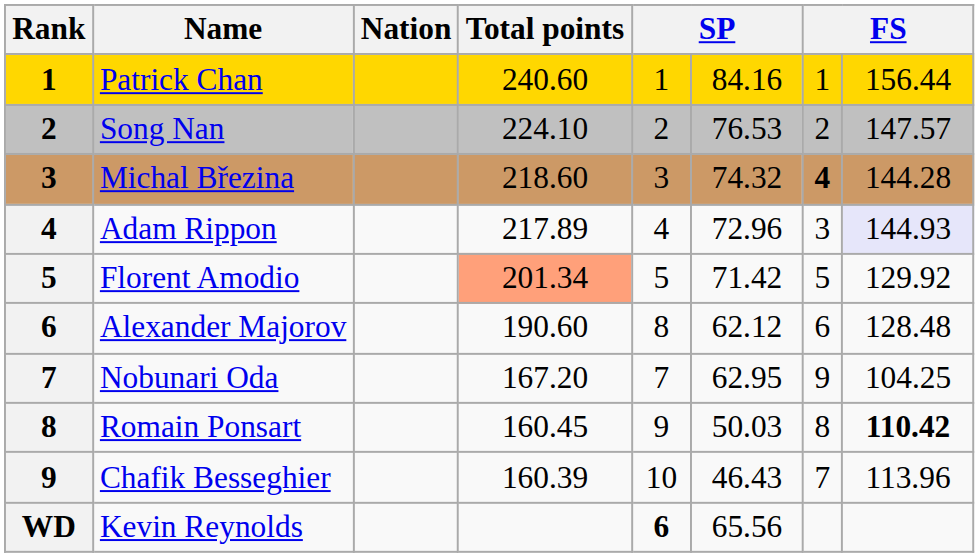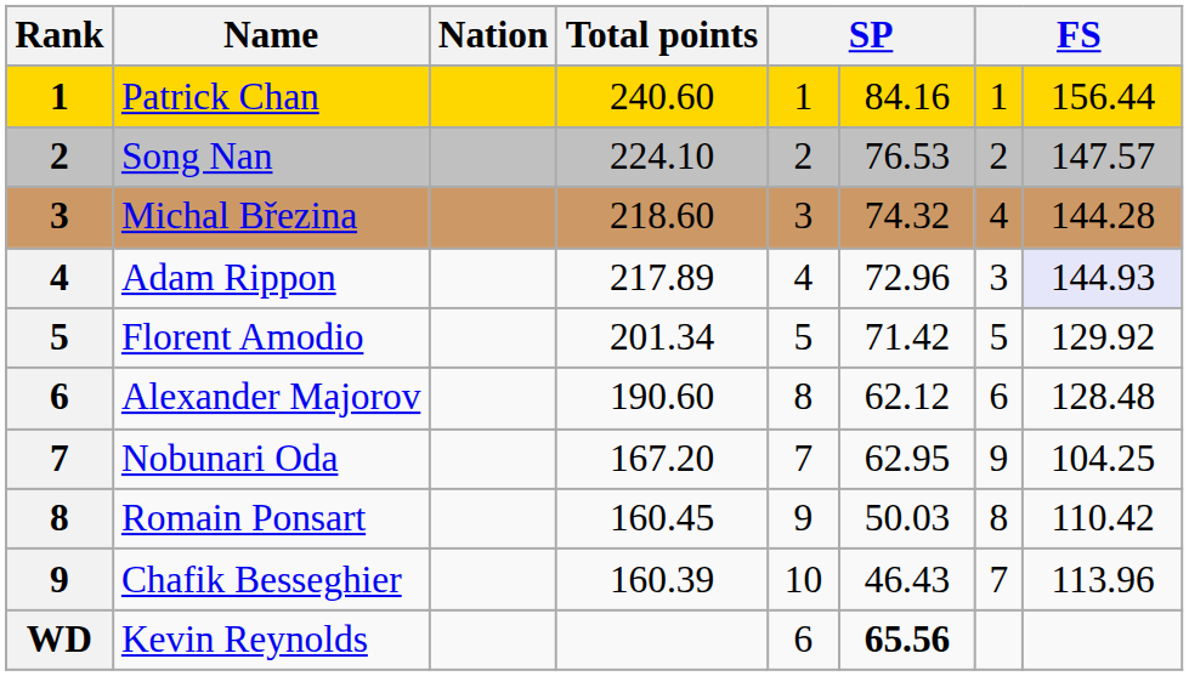 <table class="wikitable sortable">
 <tr>
 <th>Rank</th>
 <th>Name</th>
 <th>Nation</th>
 <th>Total points</th>
 <th colspan="2" width="80px"><a href='#'>SP</a></th>
 <th colspan="2" width="80px"><a href='#'>FS</a></th>
 </tr>
 <tr bgcolor="gold">
 <td align="center"><strong>1</strong></td>
 <td><a href='#'>Patrick Chan</a></td>
 <td></td>
 <td align="center">240.60</td>
 <td align="center">1</td>
 <td align="center">84.16</td>
 <td align="center">1</td>
 <td align="center">156.44</td>
 </tr>
 <tr bgcolor="silver">
 <td align="center"><strong>2</strong></td>
 <td><a href='#'>Song Nan</a></td>
 <td></td>
 <td align="center">224.10</td>
 <td align="center">2</td>
 <td align="center">76.53</td>
 <td align="center">2</td>
 <td align="center">147.57</td>
 </tr>
 <tr bgcolor="cc9966">
 <td align="center"><strong>3</strong></td>
 <td><a href='#'>Michal Březina</a></td>
 <td></td>
 <td align="center">218.60</td>
 <td align="center">3</td>
 <td align="center">74.32</td>
-<td align="center"><strong>4</strong></td>
+<td align="center">4</td>
 <td align="center">144.28</td>
 </tr>
 <tr>
 <th>4</th>
 <td><a href='#'>Adam Rippon</a></td>
 <td></td>
 <td align="center">217.89</td>
 <td align="center">4</td>
 <td align="center">72.96</td>
 <td align="center">3</td>
 <td align="center" style="background: lavender;">144.93</td>
 </tr>
 <tr>
 <th>5</th>
 <td><a href='#'>Florent Amodio</a></td>
 <td></td>
-<td align="center" style="background: lightsalmon;">201.34</td>
+<td align="center">201.34</td>
 <td align="center">5</td>
 <td align="center">71.42</td>
 <td align="center">5</td>
 <td align="center">129.92</td>
 </tr>
 <tr>
 <th>6</th>
 <td><a href='#'>Alexander Majorov</a></td>
 <td></td>
 <td align="center">190.60</td>
 <td align="center">8</td>
 <td align="center">62.12</td>
 <td align="center">6</td>
 <td align="center">128.48</td>
 </tr>
 <tr>
 <th>7</th>
 <td><a href='#'>Nobunari Oda</a></td>
 <td></td>
 <td align="center">167.20</td>
 <td align="center">7</td>
 <td align="center">62.95</td>
 <td align="center">9</td>
 <td align="center">104.25</td>
 </tr>
 <tr>
 <th>8</th>
 <td><a href='#'>Romain Ponsart</a></td>
 <td></td>
 <td align="center">160.45</td>
 <td align="center">9</td>
 <td align="center">50.03</td>
 <td align="center">8</td>
-<td align="center"><strong>110.42</strong></td>
+<td align="center">110.42</td>
 </tr>
 <tr>
 <th>9</th>
 <td><a href='#'>Chafik Besseghier</a></td>
 <td></td>
 <td align="center">160.39</td>
 <td align="center">10</td>
 <td align="center">46.43</td>
 <td align="center">7</td>
 <td align="center">113.96</td>
 </tr>
 <tr>
 <th>WD</th>
 <td><a href='#'>Kevin Reynolds</a></td>
 <td></td>
 <td align="center"></td>
-<td align="center"><strong>6</strong></td>
-<td align="center">65.56</td>
+<td align="center">6</td>
+<td align="center"><strong>65.56</strong></td>
 <td align="center"></td>
 <td align="center"></td>
 </tr>
 </table>
